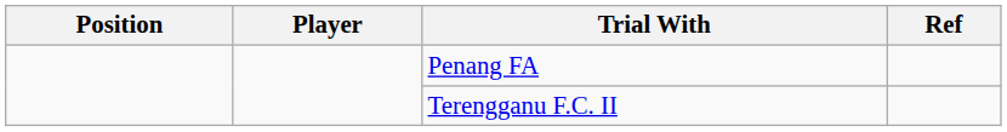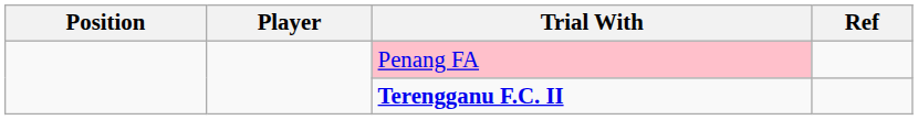 <table class="wikitable sortable" style="width:50%; text-align:center; font-size:100%; text-align:left;">
 <tr>
 <th><strong>Position</strong></th>
 <th><strong>Player</strong></th>
 <th><strong>Trial With</strong></th>
 <th><strong>Ref</strong></th>
 </tr>
 <tr>
 <td rowspan=2></td>
 <td rowspan=2></td>
-<td> <a href='#'>Penang FA</a></td>
+<td style="background: pink;"> <a href='#'>Penang FA</a></td>
 <td></td>
 </tr>
 <tr>
-<td> <a href='#'>Terengganu F.C. II</a></td>
+<td><strong> <a href='#'>Terengganu F.C. II</a></strong></td>
 <td> <br> </td>
 </tr>
 </table>
